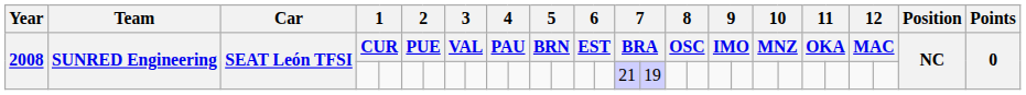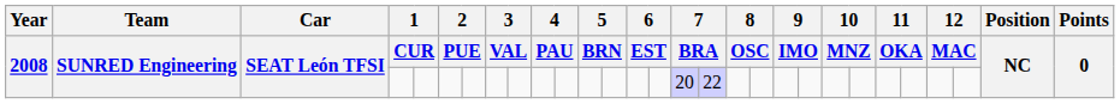 <table class="wikitable" style="text-align:center; font-size:85%">
 <tr>
 <th>Year</th>
 <th>Team</th>
 <th>Car</th>
 <th colspan=2>1</th>
 <th colspan=2>2</th>
 <th colspan=2>3</th>
 <th colspan=2>4</th>
 <th colspan=2>5</th>
 <th colspan=2>6</th>
 <th colspan=2>7</th>
 <th colspan=2>8</th>
 <th colspan=2>9</th>
 <th colspan=2>10</th>
 <th colspan=2>11</th>
 <th colspan=2>12</th>
 <th>Position</th>
 <th>Points</th>
 </tr>
 <tr>
 <th rowspan=2><a href='#'>2008</a></th>
 <th rowspan=2><a href='#'>SUNRED Engineering</a></th>
 <th rowspan=2><a href='#'>SEAT León TFSI</a></th>
 <th colspan=2><a href='#'>CUR</a></th>
 <th colspan=2><a href='#'>PUE</a></th>
 <th colspan=2><a href='#'>VAL</a></th>
 <th colspan=2><a href='#'>PAU</a></th>
 <th colspan=2><a href='#'>BRN</a></th>
 <th colspan=2><a href='#'>EST</a></th>
 <th colspan=2><a href='#'>BRA</a></th>
 <th colspan=2><a href='#'>OSC</a></th>
 <th colspan=2><a href='#'>IMO</a></th>
 <th colspan=2><a href='#'>MNZ</a></th>
 <th colspan=2><a href='#'>OKA</a></th>
 <th colspan=2><a href='#'>MAC</a></th>
 <th rowspan=2>NC</th>
 <th rowspan=2>0</th>
 </tr>
 <tr>
 <td></td>
 <td></td>
 <td></td>
 <td></td>
 <td></td>
 <td></td>
 <td></td>
 <td></td>
 <td></td>
 <td></td>
 <td></td>
 <td></td>
-<td style="background:#cfcfff;">21</td>
-<td style="background:#cfcfff;">19</td>
+<td style="background:#cfcfff;">20</td>
+<td style="background:#cfcfff;">22</td>
 <td></td>
 <td></td>
 <td></td>
 <td></td>
 <td></td>
 <td></td>
 <td></td>
 <td></td>
 <td></td>
 <td></td>
 </tr>
 </table>
